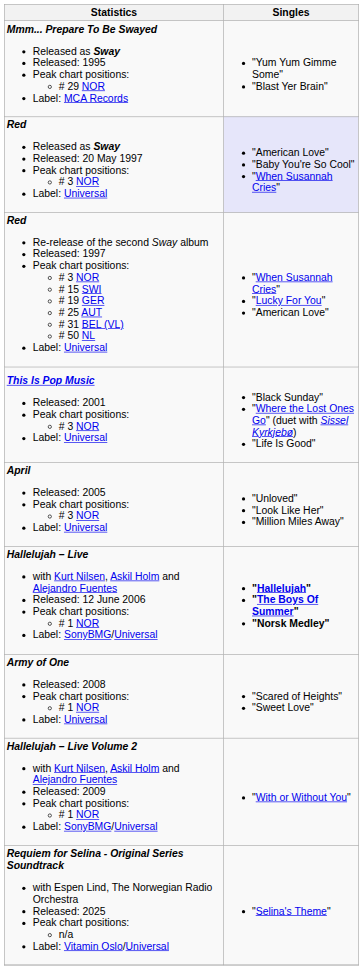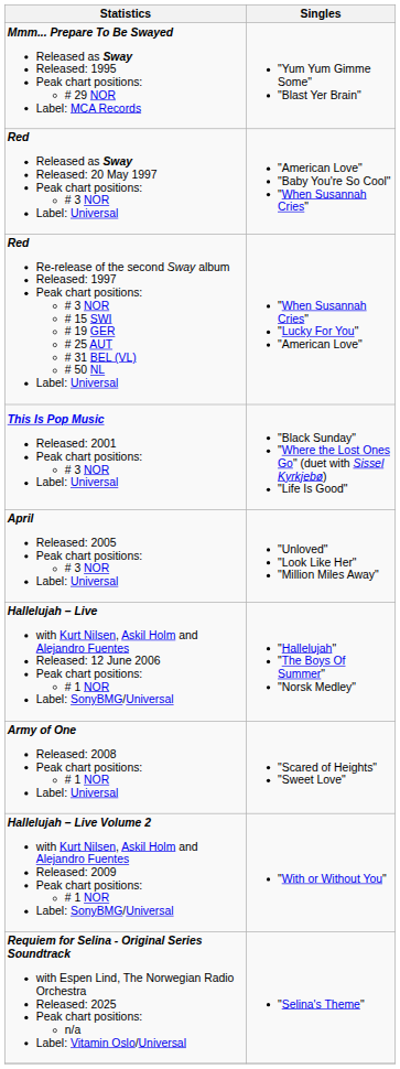 <table class="wikitable">
 <tr>
 <th>Statistics</th>
 <th>Singles</th>
 </tr>
 <tr>
 <td style="width:330px; text-align:left;"><strong><em>Mmm... Prepare To Be Swayed</em></strong><br><ul><li>Released as <strong><em>Sway</em></strong></li><li>Released: 1995</li><li>Peak chart positions:<ul><li># 29 <a href='#'>NOR</a></li></ul></li><li>Label: <a href='#'>MCA Records</a></li></ul></td>
 <td style="width:200px; text-align:left;"><br><ul><li>"Yum Yum Gimme Some"</li><li>"Blast Yer Brain"</li></ul></td>
 </tr>
 <tr>
 <td style="width:330px; text-align:left;"><strong><em>Red</em></strong><br><ul><li>Released as <strong><em>Sway</em></strong></li><li>Released: 20 May 1997</li><li>Peak chart positions:<ul><li># 3 <a href='#'>NOR</a></li></ul></li><li>Label: <a href='#'>Universal</a></li></ul></td>
-<td style="background: lavender; width:200px; text-align:left;"><br><ul><li>"American Love"</li><li>"Baby You're So Cool"</li><li>"<a href='#'>When Susannah Cries</a>"</li></ul></td>
+<td style="width:200px; text-align:left;"><br><ul><li>"American Love"</li><li>"Baby You're So Cool"</li><li>"<a href='#'>When Susannah Cries</a>"</li></ul></td>
 </tr>
 <tr>
 <td style="width:330px; text-align:left;"><strong><em>Red</em></strong><br><ul><li>Re-release of the second <em>Sway</em> album</li><li>Released: 1997</li><li>Peak chart positions:<ul><li># 3 <a href='#'>NOR</a></li><li># 15 <a href='#'>SWI</a></li><li># 19 <a href='#'>GER</a></li><li># 25 <a href='#'>AUT</a></li><li># 31 <a href='#'>BEL (VL)</a></li><li># 50 <a href='#'>NL</a></li></ul></li><li>Label: <a href='#'>Universal</a></li></ul></td>
 <td style="width:200px; text-align:left;"><br><ul><li>"<a href='#'>When Susannah Cries</a>"</li><li>"<a href='#'>Lucky For You</a>"</li><li>"American Love"</li></ul></td>
 </tr>
 <tr>
 <td style="width:330px; text-align:left;"><strong><em><a href='#'>This Is Pop Music</a></em></strong><br><ul><li>Released: 2001</li><li>Peak chart positions:<ul><li># 3 <a href='#'>NOR</a></li></ul></li><li>Label: <a href='#'>Universal</a></li></ul></td>
 <td style="width:200px; text-align:left;"><br><ul><li>"Black Sunday"</li><li>"<a href='#'>Where the Lost Ones Go</a>" (duet with <em><a href='#'>Sissel Kyrkjebø</a></em>)</li><li>"Life Is Good"</li></ul></td>
 </tr>
 <tr>
 <td style="width:330px; text-align:left;"><strong><em>April</em></strong><br><ul><li>Released: 2005</li><li>Peak chart positions:<ul><li># 3 <a href='#'>NOR</a></li></ul></li><li>Label: <a href='#'>Universal</a></li></ul></td>
 <td style="width:200px; text-align:left;"><br><ul><li>"Unloved"</li><li>"Look Like Her"</li><li>"Million Miles Away"</li></ul></td>
 </tr>
 <tr>
 <td style="width:330px; text-align:left;"><strong><em>Hallelujah – Live</em></strong><br><ul><li>with <a href='#'>Kurt Nilsen</a>, <a href='#'>Askil Holm</a> and <a href='#'>Alejandro Fuentes</a></li><li>Released: 12 June 2006</li><li>Peak chart positions:<ul><li># 1 <a href='#'>NOR</a></li></ul></li><li>Label: <a href='#'>SonyBMG</a>/<a href='#'>Universal</a></li></ul></td>
-<td style="width:200px; text-align:left;"><strong><br><ul><li>"<a href='#'>Hallelujah</a>"</li><li>"<a href='#'>The Boys Of Summer</a>"</li><li>"Norsk Medley"</li></ul></strong></td>
+<td style="width:200px; text-align:left;"><br><ul><li>"<a href='#'>Hallelujah</a>"</li><li>"<a href='#'>The Boys Of Summer</a>"</li><li>"Norsk Medley"</li></ul></td>
 </tr>
 <tr>
 <td style="width:330px; text-align:left;"><strong><em>Army of One</em></strong><br><ul><li>Released: 2008</li><li>Peak chart positions:<ul><li># 1 <a href='#'>NOR</a></li></ul></li><li>Label: <a href='#'>Universal</a></li></ul></td>
 <td style="width:200px; text-align:left;"><br><ul><li>"Scared of Heights"</li><li>"Sweet Love"</li></ul></td>
 </tr>
 <tr>
 <td style="width:330px; text-align:left;"><strong><em>Hallelujah – Live Volume 2</em></strong><br><ul><li>with <a href='#'>Kurt Nilsen</a>, <a href='#'>Askil Holm</a> and <a href='#'>Alejandro Fuentes</a></li><li>Released: 2009</li><li>Peak chart positions:<ul><li># 1 <a href='#'>NOR</a></li></ul></li><li>Label: <a href='#'>SonyBMG</a>/<a href='#'>Universal</a></li></ul></td>
 <td style="width:200px; text-align:left;"><br><ul><li>"<a href='#'>With or Without You</a>"</li></ul></td>
 </tr>
 <tr>
 <td style="width:330px; text-align:left;"><strong><em>Requiem for Selina - Original Series Soundtrack</em></strong><br><ul><li>with Espen Lind, The Norwegian Radio Orchestra</li><li>Released: 2025</li><li>Peak chart positions:<ul><li>n/a</li></ul></li><li>Label: <a href='#'>Vitamin Oslo</a>/<a href='#'>Universal</a></li></ul></td>
 <td style="width:200px; text-align:left;"><br><ul><li>"<a href='#'>Selina's Theme</a>"</li></ul></td>
 </tr>
 <tr>
 </tr>
 </table>
